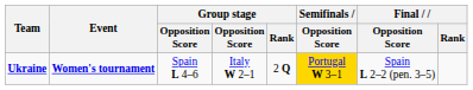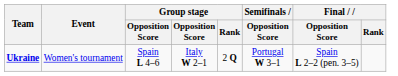 <table class="wikitable" style="text-align:center; font-size:90%">
 <tr>
 <th rowspan=2>Team</th>
 <th rowspan=2>Event</th>
 <th colspan=3>Group stage</th>
 <th>Semifinals / </th>
 <th colspan=2>Final /  / </th>
 </tr>
 <tr style="font-size:95%">
 <th>Opposition<br>Score</th>
 <th>Opposition<br>Score</th>
 <th>Rank</th>
 <th>Opposition<br>Score</th>
 <th>Opposition<br>Score</th>
 <th>Rank</th>
 </tr>
 <tr>
 <td align=left><strong><a href='#'>Ukraine</a></strong></td>
-<td><strong><a href='#'>Women's tournament</a></strong></td>
+<td><a href='#'>Women's tournament</a></td>
 <td> <a href='#'>Spain</a><br><strong>L</strong> 4–6</td>
 <td> <a href='#'>Italy</a><br><strong>W</strong> 2–1</td>
 <td>2 <strong>Q</strong></td>
-<td style="background: gold;"> <a href='#'>Portugal</a><br><strong>W</strong> 3–1</td>
+<td> <a href='#'>Portugal</a><br><strong>W</strong> 3–1</td>
 <td> <a href='#'>Spain</a><br><strong>L</strong> 2–2 (pen. 3–5)</td>
 <td></td>
 </tr>
 </table>
